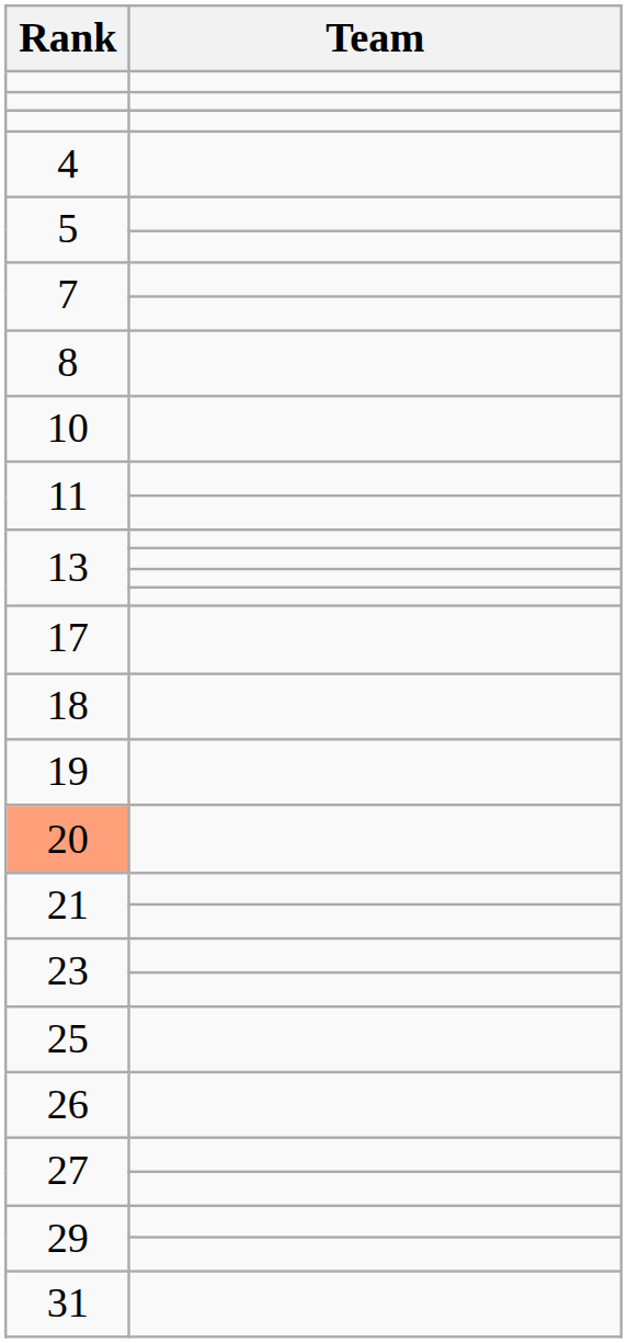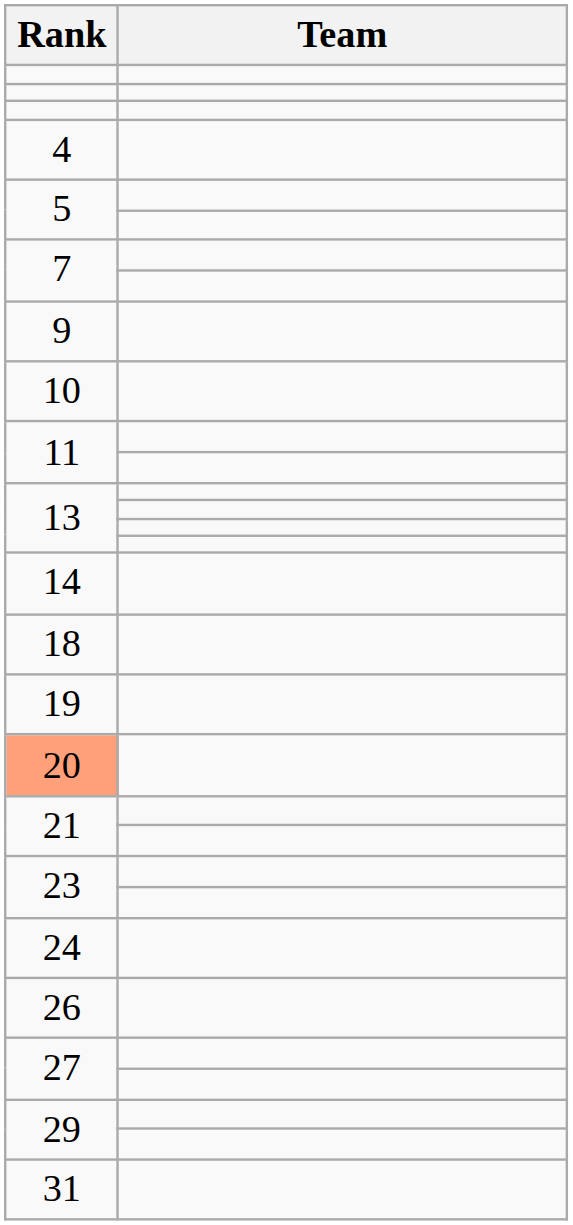 <table class="wikitable" style="text-align:center;">
 <tr>
 <th width=40>Rank</th>
 <th width=180>Team</th>
 </tr>
 <tr>
 <td></td>
 <td style="text-align:left;"></td>
 </tr>
 <tr>
 <td></td>
 <td style="text-align:left;"></td>
 </tr>
 <tr>
 <td></td>
 <td style="text-align:left;"></td>
 </tr>
 <tr>
 <td>4</td>
 <td style="text-align:left;"></td>
 </tr>
 <tr>
 <td rowspan=2>5</td>
 <td style="text-align:left;"></td>
 </tr>
 <tr>
 <td style="text-align:left;"></td>
 </tr>
 <tr>
 <td rowspan=2>7</td>
 <td style="text-align:left;"></td>
 </tr>
 <tr>
 <td style="text-align:left;"></td>
 </tr>
 <tr>
-<td>8</td>
+<td>9</td>
 <td style="text-align:left;"></td>
 </tr>
 <tr>
 <td>10</td>
 <td style="text-align:left;"></td>
 </tr>
 <tr>
 <td rowspan=2>11</td>
 <td style="text-align:left;"></td>
 </tr>
 <tr>
 <td style="text-align:left;"></td>
 </tr>
 <tr>
 <td rowspan=4>13</td>
 <td style="text-align:left;"></td>
 </tr>
 <tr>
 <td style="text-align:left;"></td>
 </tr>
 <tr>
 <td style="text-align:left;"></td>
 </tr>
 <tr>
 <td style="text-align:left;"></td>
 </tr>
 <tr>
-<td>17</td>
+<td>14</td>
 <td style="text-align:left;"></td>
 </tr>
 <tr>
 <td>18</td>
 <td style="text-align:left;"></td>
 </tr>
 <tr>
 <td>19</td>
 <td style="text-align:left;"></td>
 </tr>
 <tr>
 <td style="background: lightsalmon;">20</td>
 <td style="text-align:left;"></td>
 </tr>
 <tr>
 <td rowspan=2>21</td>
 <td style="text-align:left;"></td>
 </tr>
 <tr>
 <td style="text-align:left;"></td>
 </tr>
 <tr>
 <td rowspan=2>23</td>
 <td style="text-align:left;"></td>
 </tr>
 <tr>
 <td style="text-align:left;"></td>
 </tr>
 <tr>
-<td>25</td>
+<td>24</td>
 <td style="text-align:left;"></td>
 </tr>
 <tr>
 <td>26</td>
 <td style="text-align:left;"></td>
 </tr>
 <tr>
 <td rowspan=2>27</td>
 <td style="text-align:left;"></td>
 </tr>
 <tr>
 <td style="text-align:left;"></td>
 </tr>
 <tr>
 <td rowspan=2>29</td>
 <td style="text-align:left;"></td>
 </tr>
 <tr>
 <td style="text-align:left;"></td>
 </tr>
 <tr>
 <td>31</td>
 <td style="text-align:left;"></td>
 </tr>
 </table>
